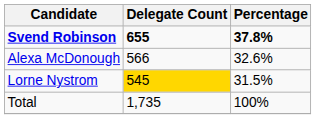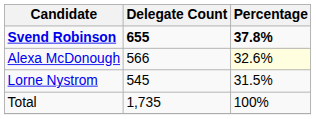 <table class="wikitable">
 <tr>
 <th>Candidate</th>
 <th>Delegate Count</th>
 <th>Percentage</th>
 </tr>
 <tr>
 <td><strong><a href='#'>Svend Robinson</a></strong></td>
 <td><strong>655</strong></td>
 <td><strong>37.8%</strong></td>
 </tr>
 <tr>
 <td><a href='#'>Alexa McDonough</a></td>
 <td>566</td>
-<td>32.6%</td>
+<td style="background: lightyellow;">32.6%</td>
 </tr>
 <tr>
 <td><a href='#'>Lorne Nystrom</a></td>
-<td style="background: gold;">545</td>
+<td>545</td>
 <td>31.5%</td>
 </tr>
 <tr>
 <td>Total</td>
 <td>1,735</td>
 <td>100%</td>
 </tr>
 <tr>
 </tr>
 </table>
